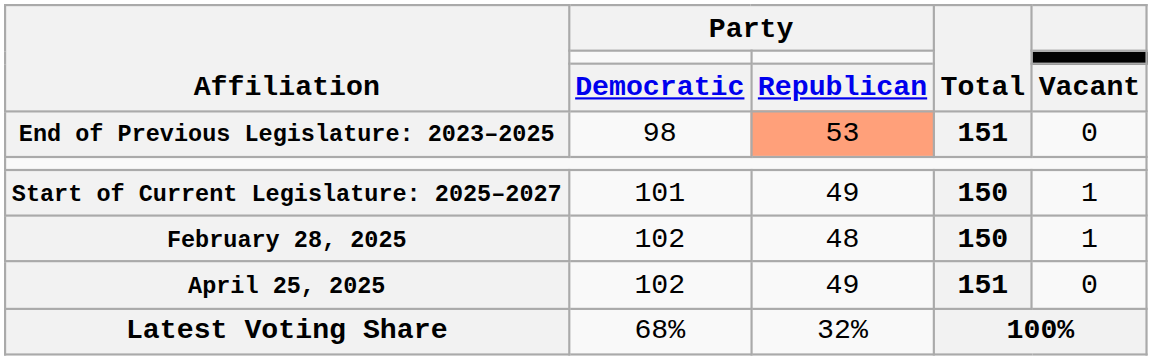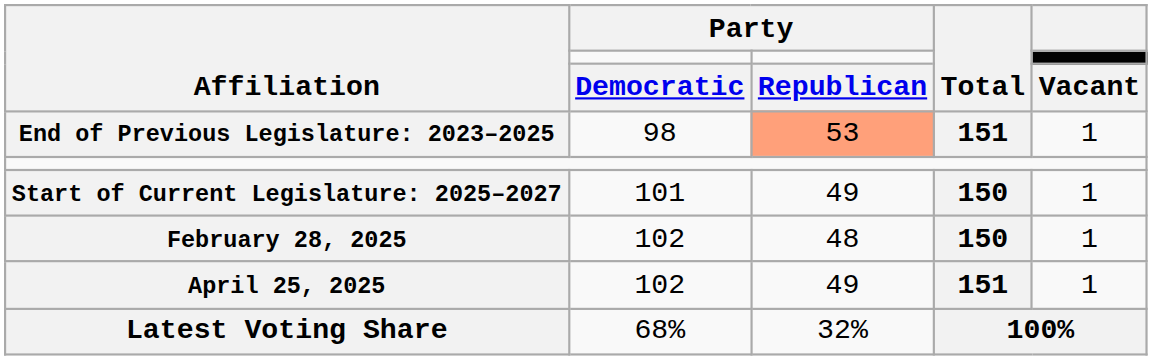 <table class=wikitable style="text-align:center">
 <tr style="vertical-align:bottom;">
 <th rowspan=3>Affiliation</th>
 <th colspan=2>Party</th>
 <th rowspan=3>Total</th>
 <th></th>
 </tr>
 <tr style="height:5px">
 <td></td>
 <td></td>
 <td style="background-color:black"></td>
 </tr>
 <tr>
 <th><a href='#'>Democratic</a></th>
 <th><a href='#'>Republican</a></th>
 <th>Vacant</th>
 </tr>
 <tr>
 <th><small>End of Previous Legislature: 2023–2025</small></th>
 <td>98</td>
 <td style="background: lightsalmon;">53</td>
 <th>151</th>
-<td>0</td>
+<td>1</td>
 </tr>
 <tr>
 <td colspan=5></td>
 </tr>
 <tr>
 <th><small>Start of Current Legislature: 2025–2027</small></th>
 <td>101</td>
 <td>49</td>
 <th>150</th>
 <td>1</td>
 </tr>
 <tr>
 <th><small>February 28, 2025</small></th>
 <td>102</td>
 <td>48</td>
 <th>150</th>
 <td>1</td>
 </tr>
 <tr>
 <th><small>April 25, 2025</small></th>
 <td>102</td>
 <td>49</td>
 <th>151</th>
-<td>0</td>
+<td>1</td>
 </tr>
 <tr>
 <th>Latest Voting Share</th>
 <td>68%</td>
 <td>32%</td>
 <th colspan="2">100%</th>
 </tr>
 </table>
